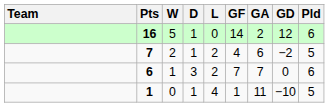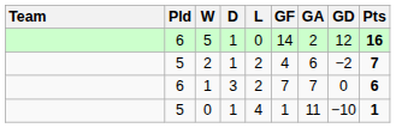 <table class="wikitable" style="text-align: center">
 <tr>
 <th width=165 style="text-align:left">Team</th>
-<th width=20>Pts</th>
+<th width=20>Pld</th>
 <th width=20>W</th>
 <th width=20>D</th>
 <th width=20>L</th>
 <th width=20>GF</th>
 <th width=20>GA</th>
 <th width=20>GD</th>
-<th width=20>Pld</th>
+<th width=20>Pts</th>
 </tr>
 <tr style="background:#ccffcc">
 <td style="text-align:left"></td>
-<td><strong>16</strong></td>
+<td>6</td>
 <td>5</td>
 <td>1</td>
 <td>0</td>
 <td>14</td>
 <td>2</td>
 <td>12</td>
-<td>6</td>
+<td><strong>16</strong></td>
 </tr>
 <tr>
 <td style="text-align:left"></td>
-<td><strong>7</strong></td>
+<td>5</td>
 <td>2</td>
 <td>1</td>
 <td>2</td>
 <td>4</td>
 <td>6</td>
 <td>−2</td>
-<td>5</td>
+<td><strong>7</strong></td>
 </tr>
 <tr>
 <td style="text-align:left"></td>
-<td><strong>6</strong></td>
+<td>6</td>
 <td>1</td>
 <td>3</td>
 <td>2</td>
 <td>7</td>
 <td>7</td>
 <td>0</td>
-<td>6</td>
+<td><strong>6</strong></td>
 </tr>
 <tr>
 <td style="text-align:left"></td>
-<td><strong>1</strong></td>
+<td>5</td>
 <td>0</td>
 <td>1</td>
 <td>4</td>
 <td>1</td>
 <td>11</td>
 <td>−10</td>
-<td>5</td>
+<td><strong>1</strong></td>
 </tr>
 </table>
